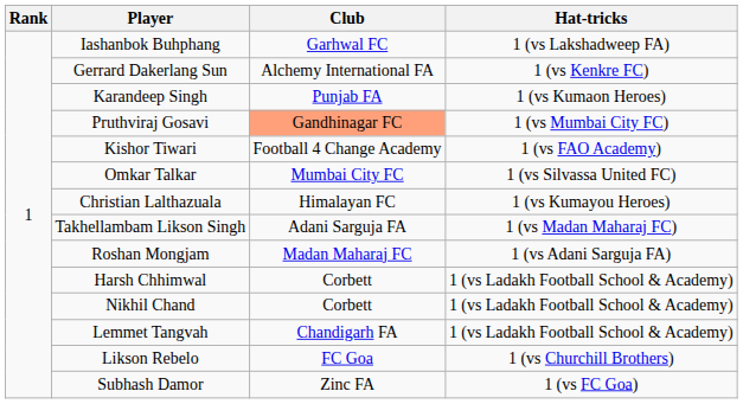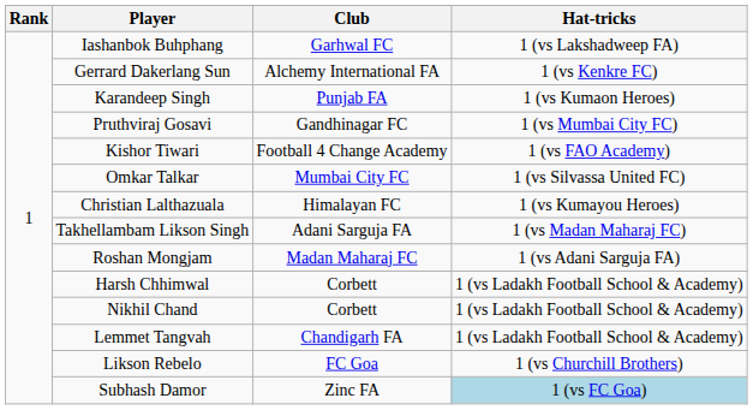 <table class="wikitable" style="text-align:center">
 <tr>
 <th>Rank</th>
 <th>Player</th>
 <th>Club</th>
 <th>Hat-tricks</th>
 </tr>
 <tr>
 <td rowspan=14>1</td>
 <td>Iashanbok Buhphang</td>
 <td><a href='#'>Garhwal FC</a></td>
 <td>1 (vs Lakshadweep FA)</td>
 </tr>
 <tr>
 <td>Gerrard Dakerlang Sun</td>
 <td>Alchemy International FA</td>
 <td>1 (vs <a href='#'>Kenkre FC</a>)</td>
 </tr>
 <tr>
 <td>Karandeep Singh</td>
 <td><a href='#'>Punjab FA</a></td>
 <td>1 (vs Kumaon Heroes)</td>
 </tr>
 <tr>
 <td>Pruthviraj Gosavi</td>
-<td style="background: lightsalmon;">Gandhinagar FC</td>
+<td>Gandhinagar FC</td>
 <td>1 (vs <a href='#'>Mumbai City FC</a>)</td>
 </tr>
 <tr>
 <td>Kishor Tiwari</td>
 <td>Football 4 Change Academy</td>
 <td>1 (vs <a href='#'>FAO Academy</a>)</td>
 </tr>
 <tr>
 <td>Omkar Talkar</td>
 <td><a href='#'>Mumbai City FC</a></td>
 <td>1 (vs Silvassa United FC)</td>
 </tr>
 <tr>
 <td>Christian Lalthazuala</td>
 <td>Himalayan FC</td>
 <td>1 (vs Kumayou Heroes)</td>
 </tr>
 <tr>
 <td>Takhellambam Likson Singh</td>
 <td>Adani Sarguja FA</td>
 <td>1 (vs <a href='#'>Madan Maharaj FC</a>)</td>
 </tr>
 <tr>
 <td>Roshan Mongjam</td>
 <td><a href='#'>Madan Maharaj FC</a></td>
 <td>1 (vs Adani Sarguja FA)</td>
 </tr>
 <tr>
 <td>Harsh Chhimwal</td>
 <td>Corbett</td>
 <td>1 (vs Ladakh Football School & Academy)</td>
 </tr>
 <tr>
 <td>Nikhil Chand</td>
 <td>Corbett</td>
 <td>1 (vs Ladakh Football School & Academy)</td>
 </tr>
 <tr>
 <td>Lemmet Tangvah</td>
 <td><a href='#'>Chandigarh</a> FA</td>
 <td>1 (vs Ladakh Football School & Academy)</td>
 </tr>
 <tr>
 <td>Likson Rebelo</td>
 <td><a href='#'>FC Goa</a></td>
 <td>1 (vs <a href='#'>Churchill Brothers</a>)</td>
 </tr>
 <tr>
 <td>Subhash Damor</td>
 <td>Zinc FA</td>
-<td>1 (vs <a href='#'>FC Goa</a>)</td>
+<td style="background: lightblue;">1 (vs <a href='#'>FC Goa</a>)</td>
 </tr>
 </table>
